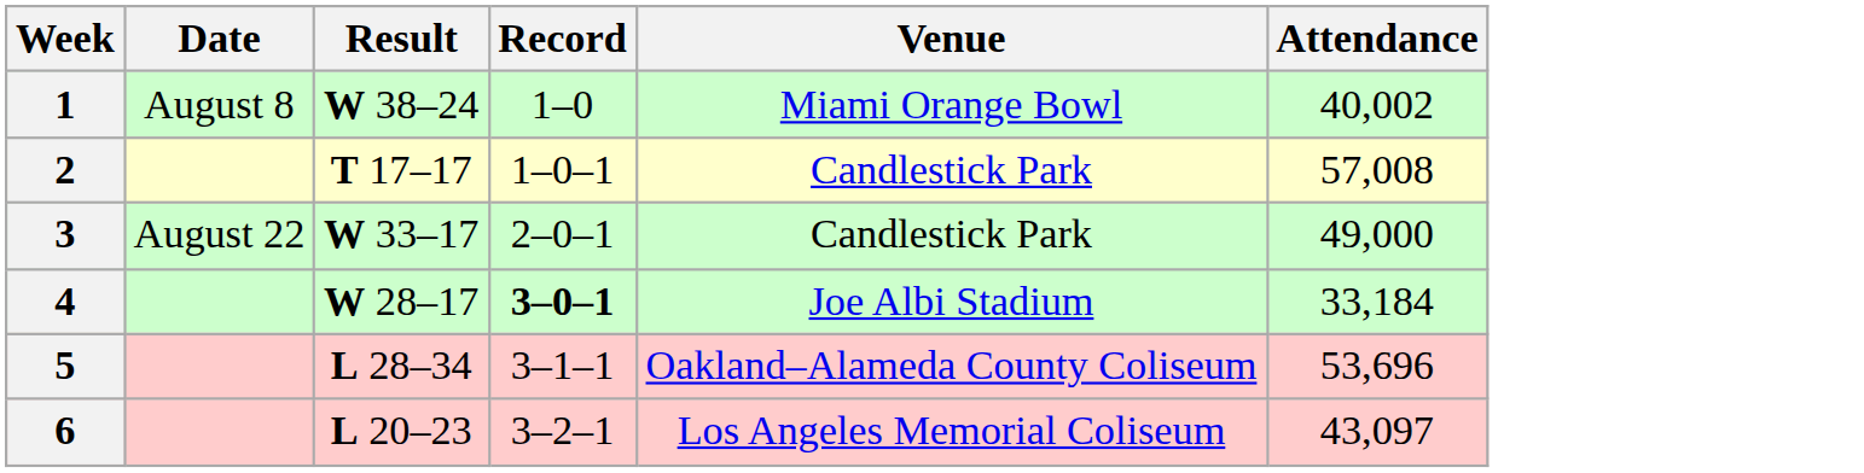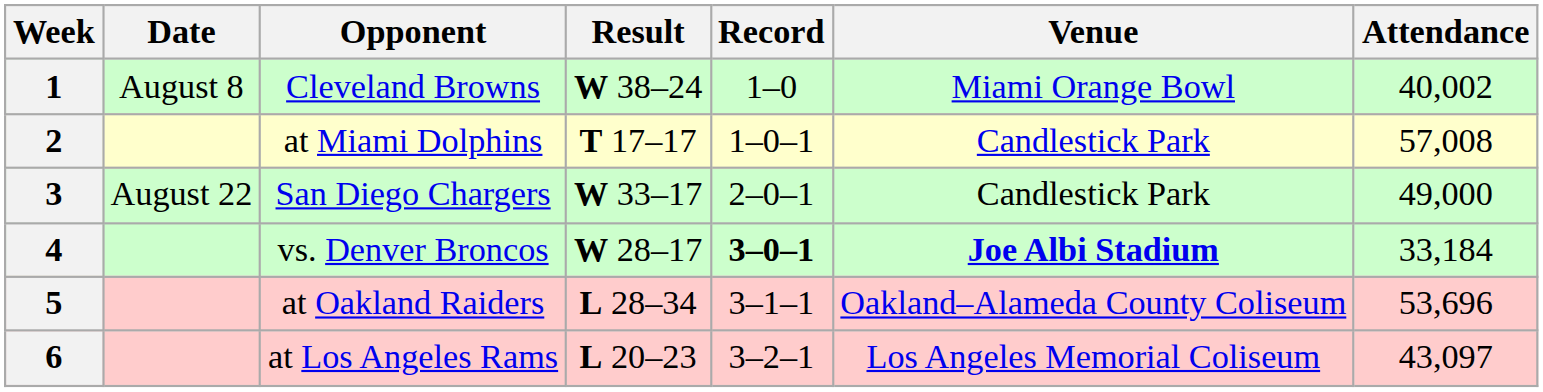 <table class="wikitable" style="text-align:center">
 <tr>
 <th>Week</th>
 <th>Date</th>
+<th>Opponent</th>
 <th>Result</th>
 <th>Record</th>
 <th>Venue</th>
 <th>Attendance</th>
 </tr>
 <tr style="background:#cfc">
 <th>1</th>
 <td>August 8</td>
+<td><a href='#'>Cleveland Browns</a></td>
 <td><strong>W</strong> 38–24</td>
 <td>1–0</td>
 <td><a href='#'>Miami Orange Bowl</a></td>
 <td>40,002</td>
 </tr>
 <tr style="background:#ffc">
 <th>2</th>
 <td></td>
+<td>at <a href='#'>Miami Dolphins</a></td>
 <td><strong>T</strong> 17–17</td>
 <td>1–0–1</td>
 <td><a href='#'>Candlestick Park</a></td>
 <td>57,008</td>
 </tr>
 <tr style="background:#cfc">
 <th>3</th>
 <td>August 22</td>
+<td><a href='#'>San Diego Chargers</a></td>
 <td><strong>W</strong> 33–17</td>
 <td>2–0–1</td>
 <td>Candlestick Park</td>
 <td>49,000</td>
 </tr>
 <tr style="background:#cfc">
 <th>4</th>
 <td></td>
+<td>vs. <a href='#'>Denver Broncos</a></td>
 <td><strong>W</strong> 28–17</td>
 <td><strong>3–0–1</strong></td>
-<td><a href='#'>Joe Albi Stadium</a></td>
+<td><strong><a href='#'>Joe Albi Stadium</a></strong></td>
 <td>33,184</td>
 </tr>
 <tr style="background:#fcc">
 <th>5</th>
 <td></td>
+<td>at <a href='#'>Oakland Raiders</a></td>
 <td><strong>L</strong> 28–34</td>
 <td>3–1–1</td>
 <td><a href='#'>Oakland–Alameda County Coliseum</a></td>
 <td>53,696</td>
 </tr>
 <tr style="background:#fcc">
 <th>6</th>
 <td></td>
+<td>at <a href='#'>Los Angeles Rams</a></td>
 <td><strong>L</strong> 20–23</td>
 <td>3–2–1</td>
 <td><a href='#'>Los Angeles Memorial Coliseum</a></td>
 <td>43,097</td>
 </tr>
 </table>
